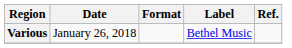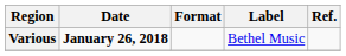 <table class="wikitable plainrowheaders">
 <tr>
 <th scope="col">Region</th>
 <th scope="col">Date</th>
 <th scope="col">Format</th>
 <th scope="col">Label</th>
 <th scope="col">Ref.</th>
 </tr>
 <tr>
 <th scope="row">Various</th>
-<td>January 26, 2018</td>
+<td><strong>January 26, 2018</strong></td>
 <td></td>
 <td><a href='#'>Bethel Music</a></td>
 <td></td>
 </tr>
 <tr>
 </tr>
 </table>
